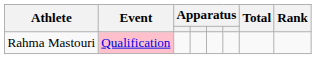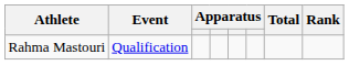 <table class="wikitable" style="font-size:90%">
 <tr>
 <th rowspan=2>Athlete</th>
 <th rowspan=2>Event</th>
 <th colspan =4>Apparatus</th>
 <th rowspan=2>Total</th>
 <th rowspan=2>Rank</th>
 </tr>
 <tr style="font-size:95%">
 <th></th>
 <th></th>
 <th></th>
 <th></th>
 </tr>
 <tr align=center>
 <td align=left>Rahma Mastouri</td>
-<td align=left style="background: pink;"><a href='#'>Qualification</a></td>
+<td align=left><a href='#'>Qualification</a></td>
 <td></td>
 <td></td>
 <td></td>
 <td></td>
 <td></td>
 <td></td>
 </tr>
 </table>
